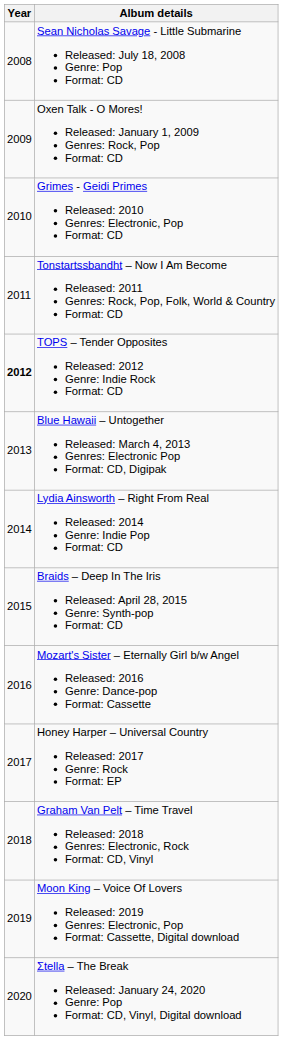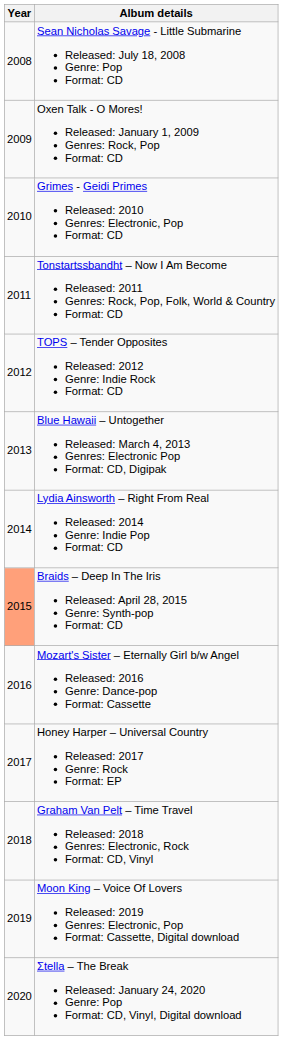 <table class="wikitable">
 <tr>
 <th>Year</th>
 <th>Album details</th>
 </tr>
 <tr>
 <td>2008</td>
 <td><a href='#'>Sean Nicholas Savage</a> - Little Submarine<br><ul><li>Released: July 18, 2008</li><li>Genre: Pop</li><li>Format: CD</li></ul></td>
 </tr>
 <tr>
 <td>2009</td>
 <td>Oxen Talk - O Mores!<br><ul><li>Released: January 1, 2009</li><li>Genres: Rock, Pop</li><li>Format: CD</li></ul></td>
 </tr>
 <tr>
 <td>2010</td>
 <td><a href='#'>Grimes</a> - <a href='#'>Geidi Primes</a><br><ul><li>Released: 2010</li><li>Genres: Electronic, Pop</li><li>Format: CD</li></ul></td>
 </tr>
 <tr>
 <td>2011</td>
 <td><a href='#'>Tonstartssbandht</a> – Now I Am Become<br><ul><li>Released: 2011</li><li>Genres: Rock, Pop, Folk, World & Country</li><li>Format: CD</li></ul></td>
 </tr>
 <tr>
-<td><strong>2012</strong></td>
+<td>2012</td>
 <td><a href='#'>TOPS</a> – Tender Opposites<br><ul><li>Released: 2012</li><li>Genre: Indie Rock</li><li>Format: CD</li></ul></td>
 </tr>
 <tr>
 <td>2013</td>
 <td><a href='#'>Blue Hawaii</a> – Untogether<br><ul><li>Released: March 4, 2013</li><li>Genres: Electronic Pop</li><li>Format: CD, Digipak</li></ul></td>
 </tr>
 <tr>
 <td>2014</td>
 <td><a href='#'>Lydia Ainsworth</a> – Right From Real<br><ul><li>Released: 2014</li><li>Genre: Indie Pop</li><li>Format: CD</li></ul></td>
 </tr>
 <tr>
-<td>2015</td>
+<td style="background: lightsalmon;">2015</td>
 <td><a href='#'>Braids</a> – Deep In The Iris<br><ul><li>Released: April 28, 2015</li><li>Genre: Synth-pop</li><li>Format: CD</li></ul></td>
 </tr>
 <tr>
 <td>2016</td>
 <td><a href='#'>Mozart's Sister</a> – Eternally Girl b/w Angel<br><ul><li>Released: 2016</li><li>Genre: Dance-pop</li><li>Format: Cassette</li></ul></td>
 </tr>
 <tr>
 <td>2017</td>
 <td>Honey Harper – Universal Country<br><ul><li>Released: 2017</li><li>Genre: Rock</li><li>Format: EP</li></ul></td>
 </tr>
 <tr>
 <td>2018</td>
 <td><a href='#'>Graham Van Pelt</a> – Time Travel<br><ul><li>Released: 2018</li><li>Genres: Electronic, Rock</li><li>Format: CD, Vinyl</li></ul></td>
 </tr>
 <tr>
 <td>2019</td>
 <td><a href='#'>Moon King</a> – Voice Of Lovers<br><ul><li>Released: 2019</li><li>Genres: Electronic, Pop</li><li>Format: Cassette, Digital download</li></ul></td>
 </tr>
 <tr>
 <td>2020</td>
 <td><a href='#'>Σtella</a> – The Break<br><ul><li>Released: January 24, 2020</li><li>Genre: Pop</li><li>Format: CD, Vinyl, Digital download</li></ul></td>
 </tr>
 </table>
